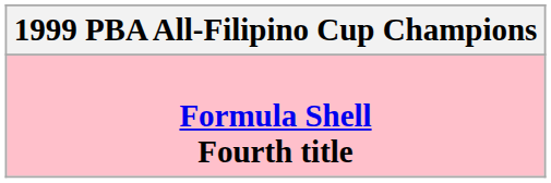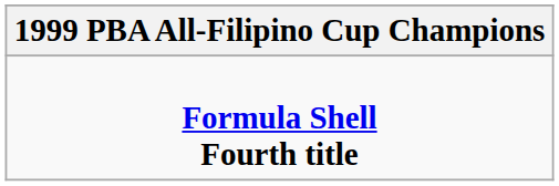 <table class=wikitable style="text-align:center; margin:auto">
 <tr>
 <th>1999 PBA All-Filipino Cup Champions</th>
 </tr>
 <tr>
-<td style="background: pink;"><br> <strong><a href='#'>Formula Shell</a></strong> <br> <strong>Fourth title</strong></td>
+<td><br> <strong><a href='#'>Formula Shell</a></strong> <br> <strong>Fourth title</strong></td>
 </tr>
 </table>
